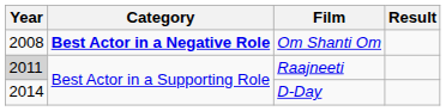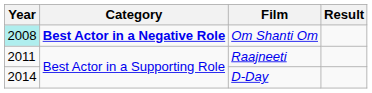 <table class="wikitable">
 <tr>
 <th>Year</th>
 <th>Category</th>
 <th>Film</th>
 <th>Result</th>
 </tr>
 <tr>
-<td>2008</td>
+<td style="background: paleturquoise;">2008</td>
 <td><strong><a href='#'>Best Actor in a Negative Role</a></strong></td>
 <td><em><a href='#'>Om Shanti Om</a></em></td>
 <td></td>
 </tr>
 <tr>
-<td style="background: lightgrey;">2011</td>
+<td>2011</td>
 <td rowspan="2"><a href='#'>Best Actor in a Supporting Role</a></td>
 <td><em><a href='#'>Raajneeti</a></em></td>
 <td></td>
 </tr>
 <tr>
 <td>2014</td>
 <td><em><a href='#'>D-Day</a></em></td>
 <td></td>
 </tr>
 </table>
